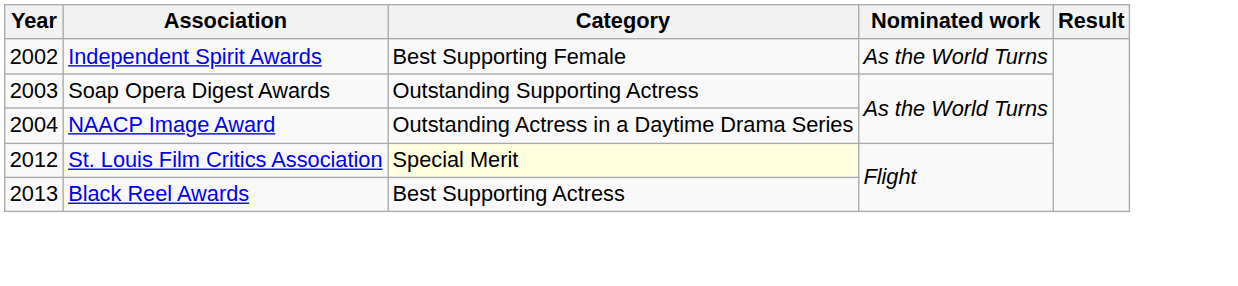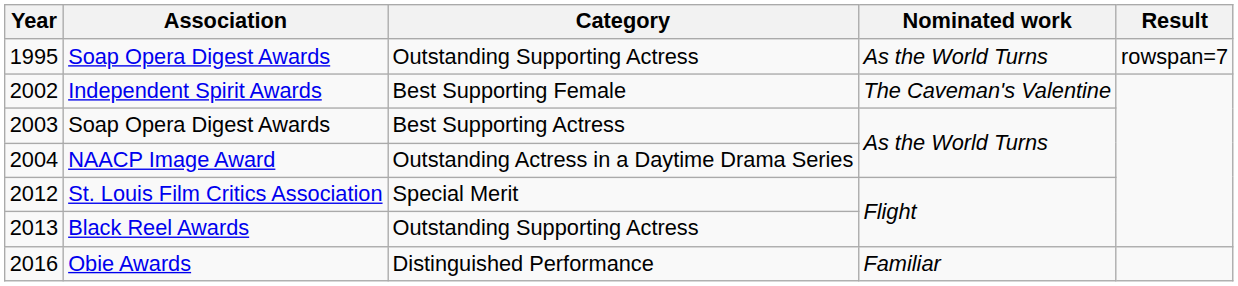 <table class="wikitable sortable">
 <tr>
 <th>Year</th>
 <th>Association</th>
 <th>Category</th>
 <th>Nominated work</th>
 <th>Result</th>
 </tr>
 <tr>
+<td>1995</td>
+<td><a href='#'>Soap Opera Digest Awards</a></td>
+<td>Outstanding Supporting Actress</td>
+<td><em>As the World Turns</em></td>
+<td>rowspan=7 </td>
+</tr>
+<tr>
 <td>2002</td>
 <td><a href='#'>Independent Spirit Awards</a></td>
 <td>Best Supporting Female</td>
-<td><em>As the World Turns</em></td>
+<td><em>The Caveman's Valentine</em></td>
 </tr>
 <tr>
 <td rowspan=2>2003</td>
 <td>Soap Opera Digest Awards</td>
-<td>Outstanding Supporting Actress</td>
+<td>Best Supporting Actress</td>
 <td rowspan=3><em>As the World Turns</em></td>
 </tr>
 <tr>
 <td rowspan=2><a href='#'>NAACP Image Award</a></td>
 <td rowspan=2>Outstanding Actress in a Daytime Drama Series</td>
 </tr>
 <tr>
 <td>2004</td>
 </tr>
 <tr>
 <td>2012</td>
 <td><a href='#'>St. Louis Film Critics Association</a></td>
-<td style="background: lightyellow;">Special Merit</td>
+<td>Special Merit</td>
 <td rowspan=2><em>Flight</em></td>
 </tr>
 <tr>
 <td>2013</td>
 <td><a href='#'>Black Reel Awards</a></td>
-<td>Best Supporting Actress</td>
+<td>Outstanding Supporting Actress</td>
+</tr>
+<tr>
+<td>2016</td>
+<td><a href='#'>Obie Awards</a></td>
+<td>Distinguished Performance</td>
+<td><em>Familiar</em></td>
+<td></td>
 </tr>
 </table>
